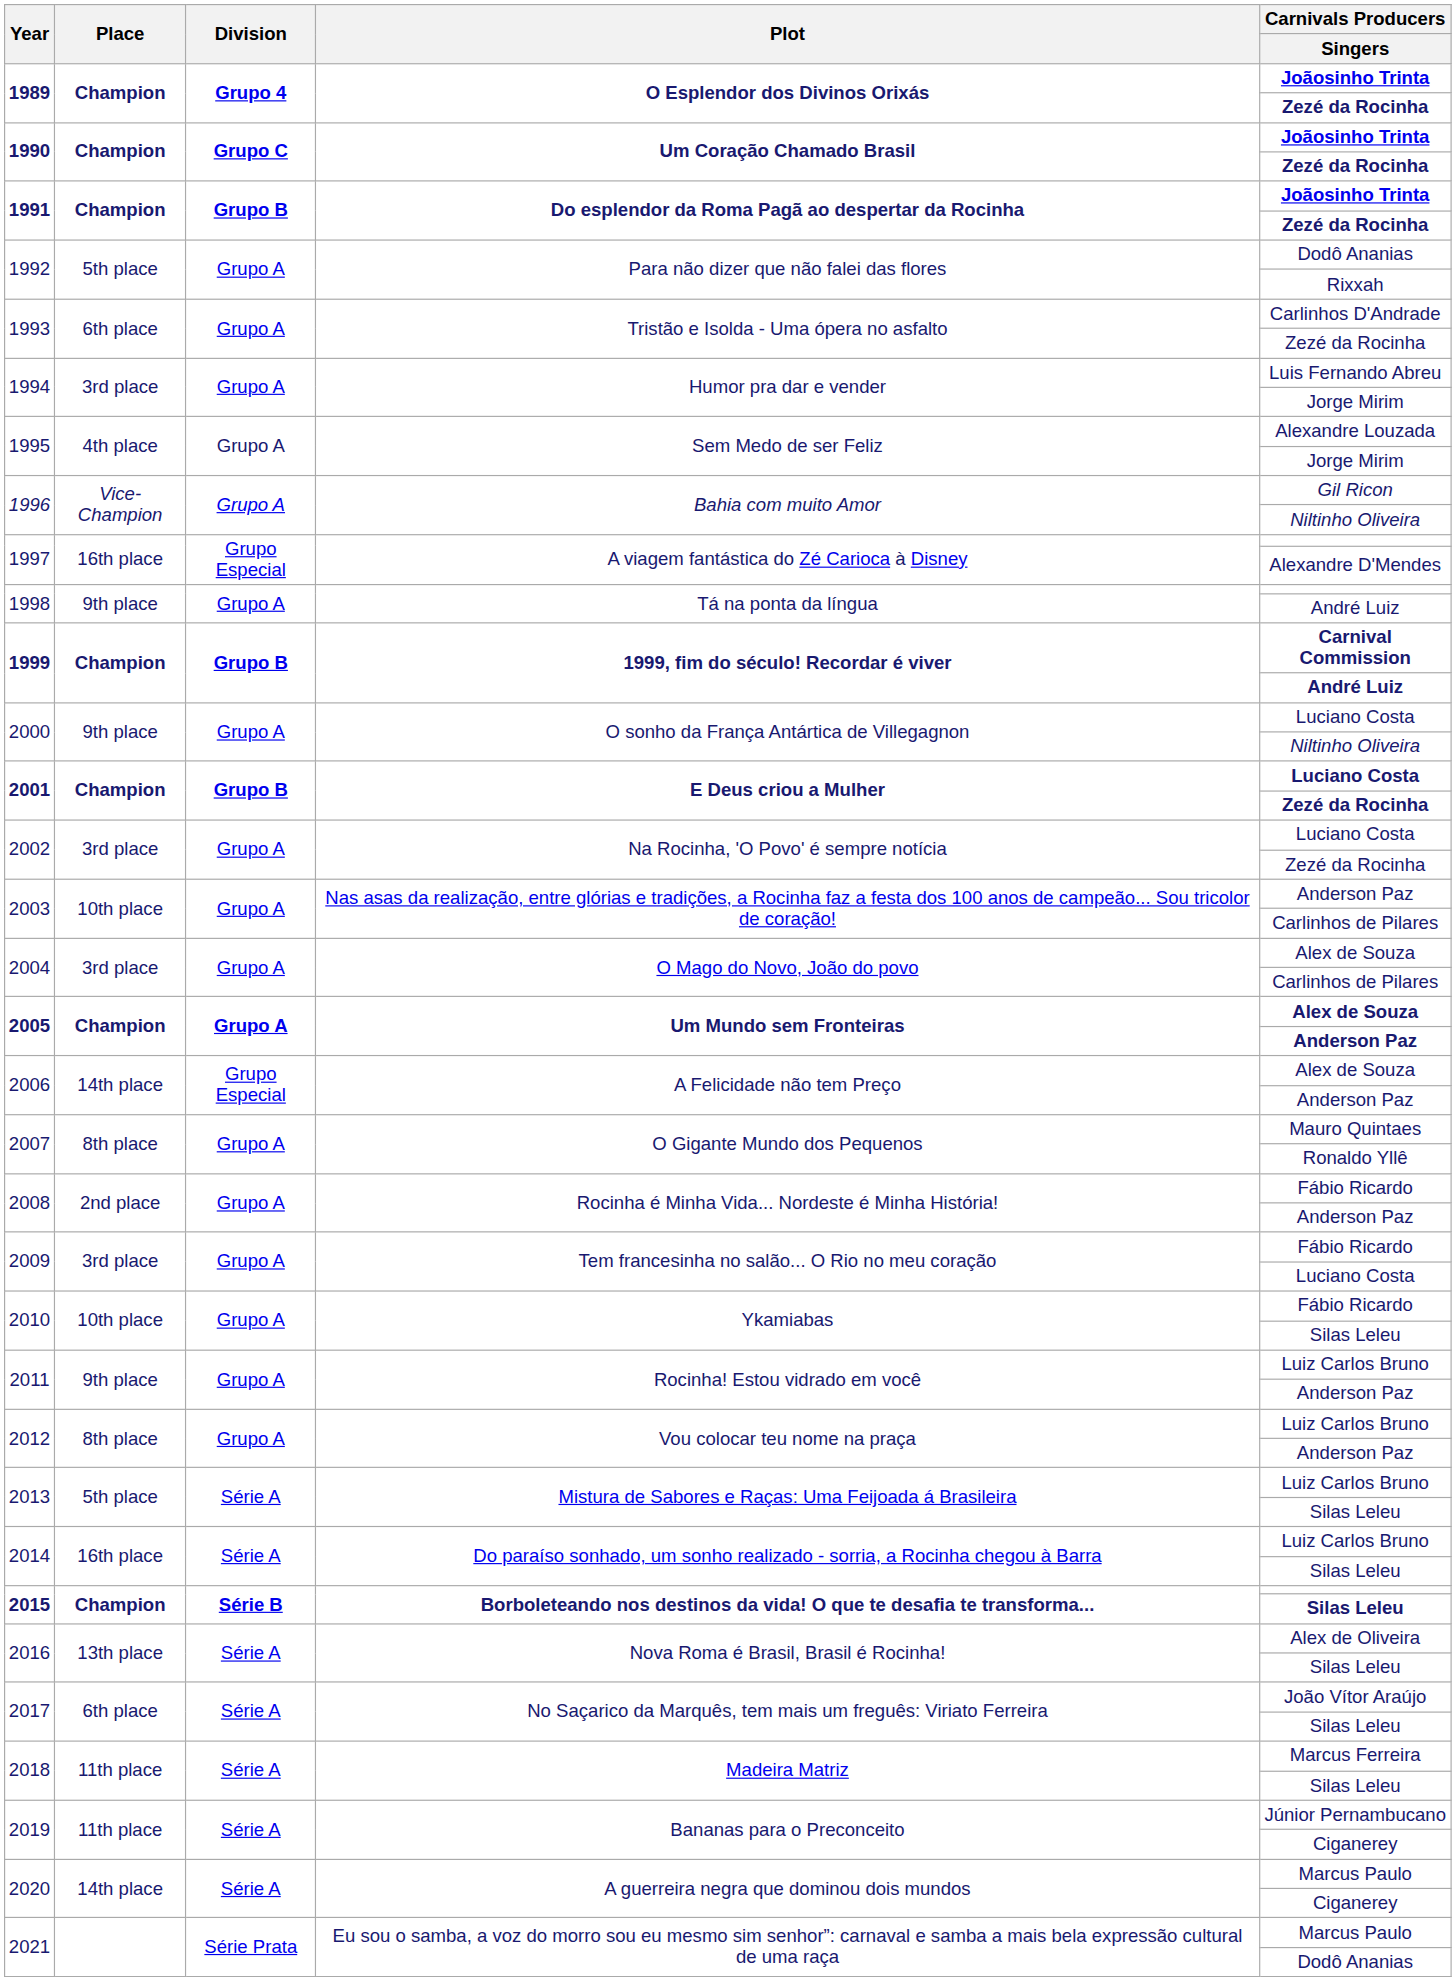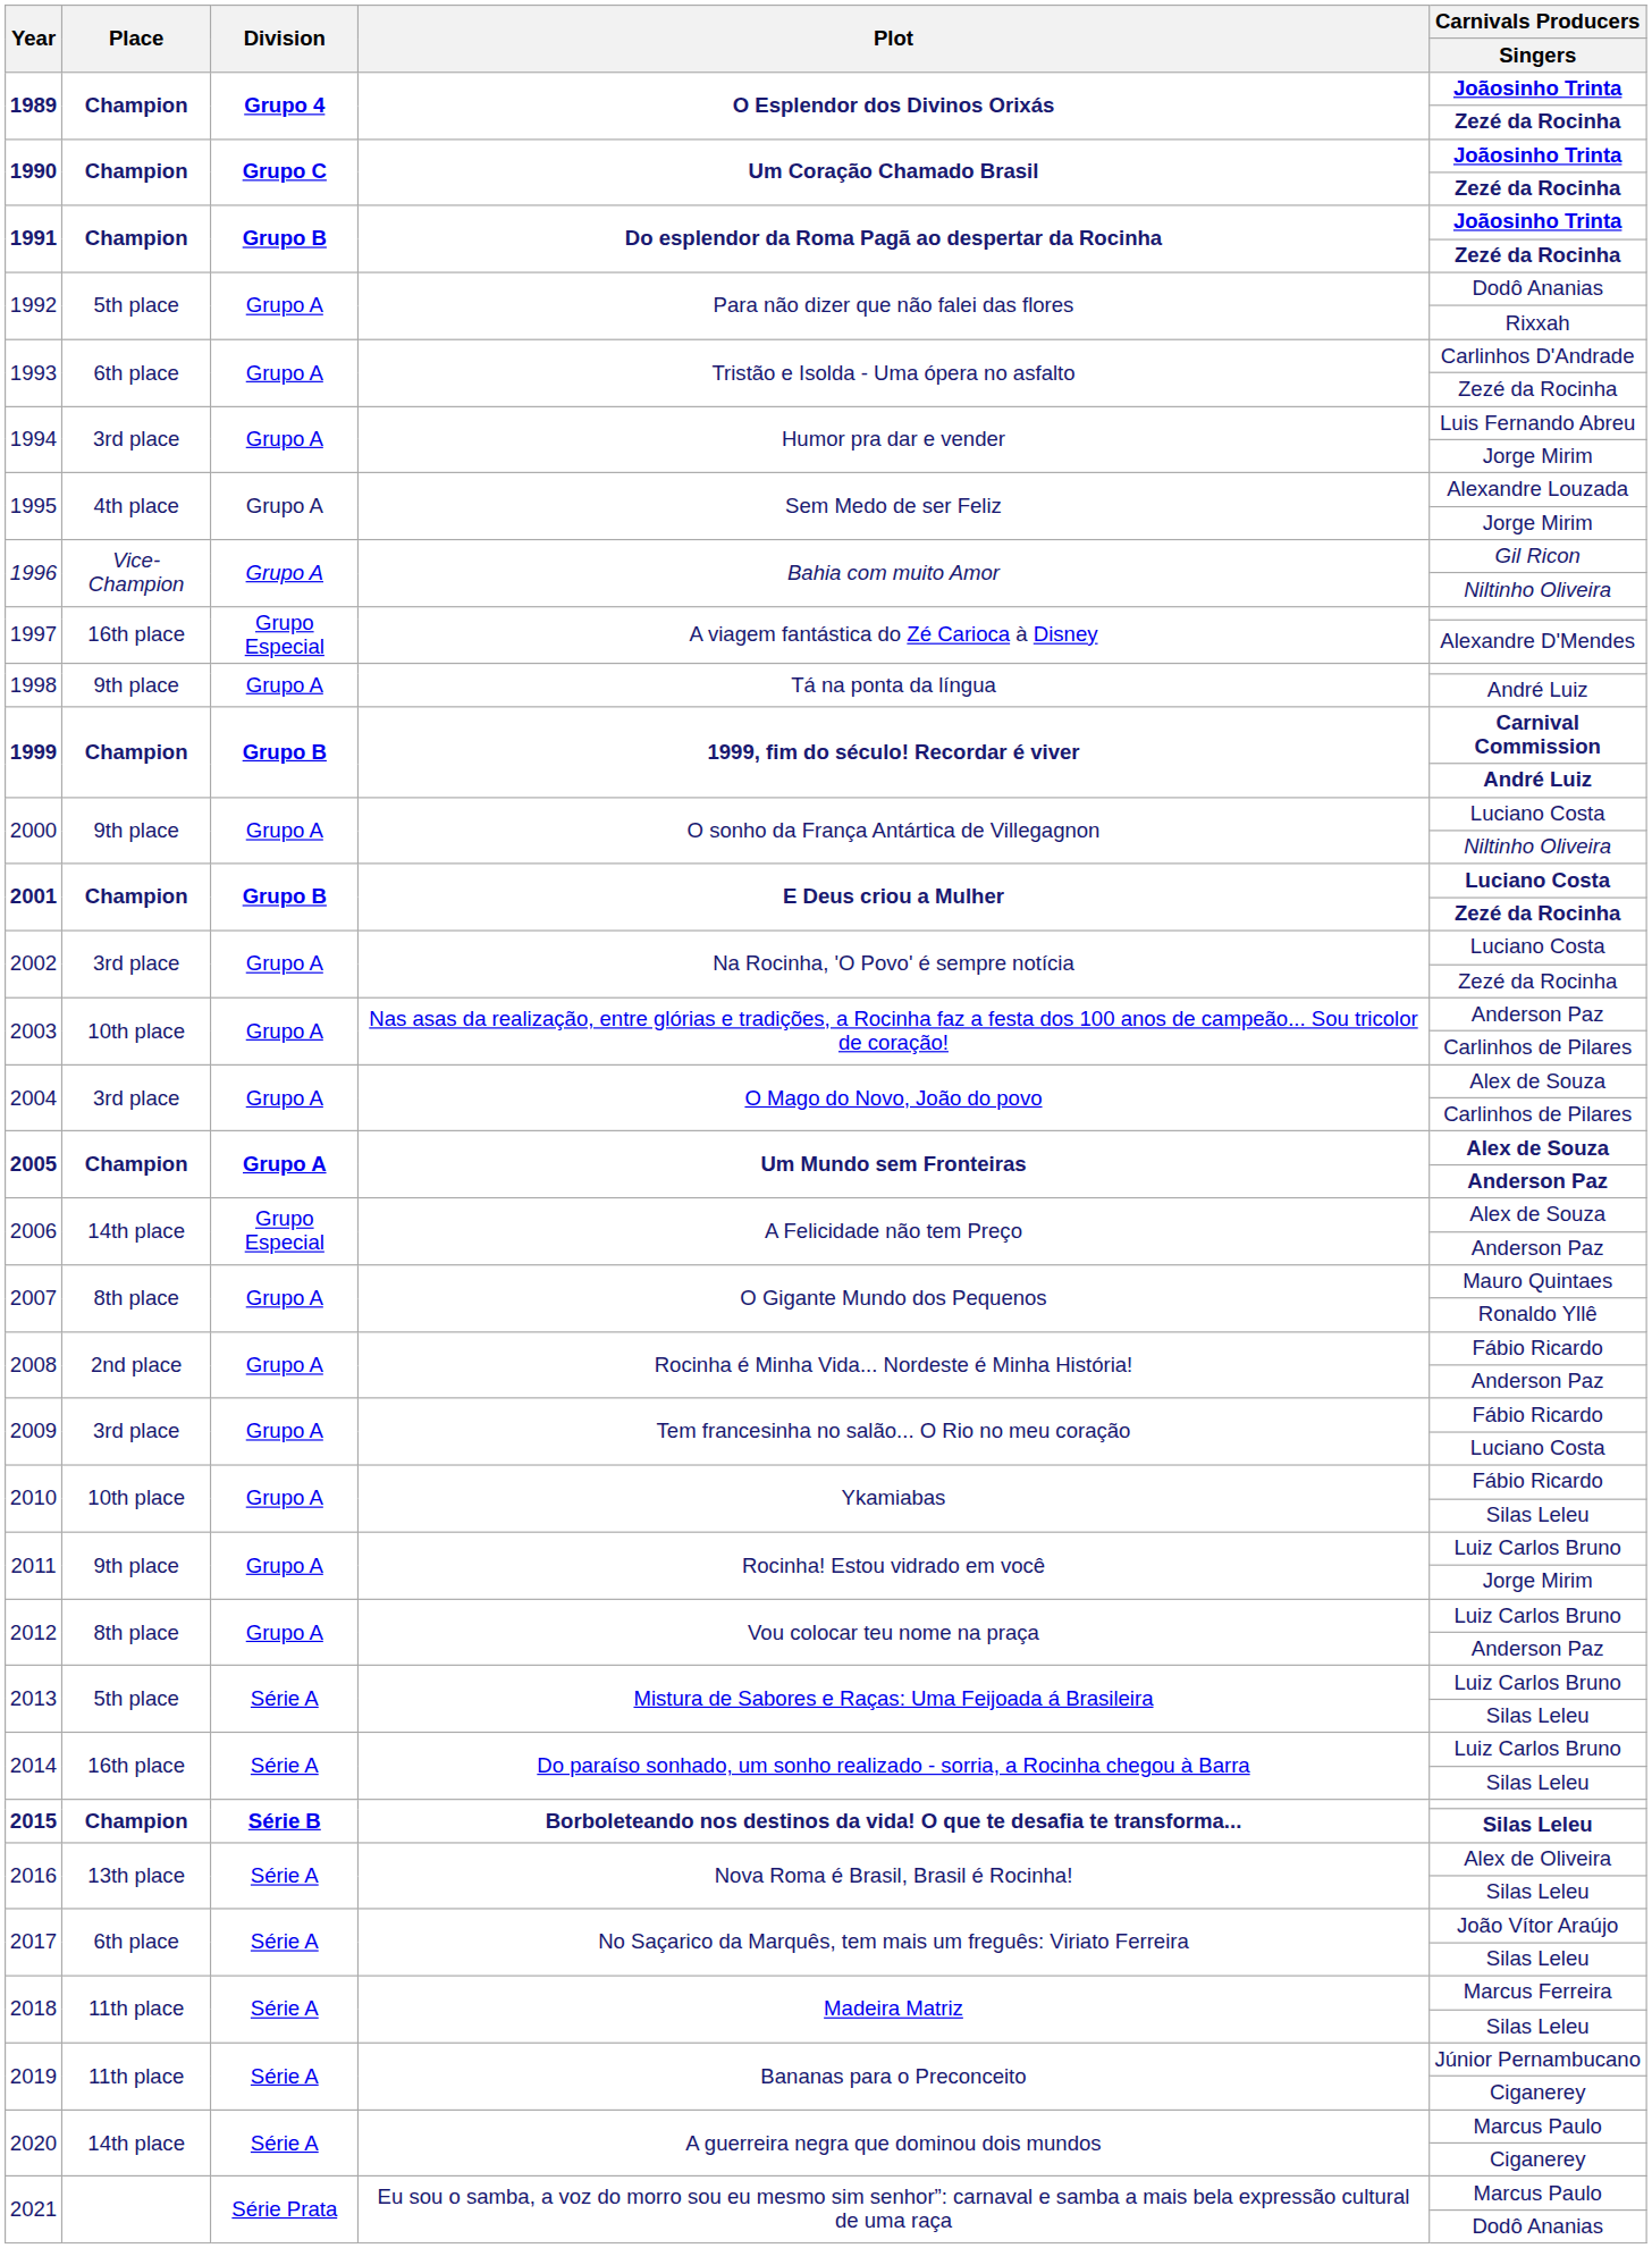 <table class="wikitable sortable" style="text-align:center">
 <tr align="center">
 <th rowspan="2">Year</th>
 <th rowspan="2">Place</th>
 <th rowspan="2">Division</th>
 <th rowspan="2">Plot</th>
 <th>Carnivals Producers</th>
 </tr>
 <tr align="center">
 <th>Singers</th>
 </tr>
 <tr style="background-color:white; color:midnightblue; text:align=center">
 <td rowspan="2"><strong>1989</strong></td>
 <td rowspan="2"><strong>Champion</strong></td>
 <td rowspan="2"><strong><a href='#'>Grupo 4</a></strong></td>
 <td rowspan="2"><strong>O Esplendor dos Divinos Orixás</strong></td>
 <td><strong><a href='#'>Joãosinho Trinta</a></strong></td>
 </tr>
 <tr style="background-color:white; color:midnightblue; text:align=center">
 <td><strong>Zezé da Rocinha</strong></td>
 </tr>
 <tr style="background-color:white; color:midnightblue; text:align=center">
 <td rowspan="2"><strong>1990</strong></td>
 <td rowspan="2"><strong>Champion</strong></td>
 <td rowspan="2"><strong><a href='#'>Grupo C</a></strong></td>
 <td rowspan="2"><strong>Um Coração Chamado Brasil</strong></td>
 <td><strong><a href='#'>Joãosinho Trinta</a></strong></td>
 </tr>
 <tr style="background-color:white; color:midnightblue; text:align=center">
 <td><strong>Zezé da Rocinha</strong></td>
 </tr>
 <tr style="background-color:white; color:midnightblue; text:align=center">
 <td rowspan="2"><strong>1991</strong></td>
 <td rowspan="2"><strong>Champion</strong></td>
 <td rowspan="2"><strong><a href='#'>Grupo B</a></strong></td>
 <td rowspan="2"><strong>Do esplendor da Roma Pagã ao despertar da Rocinha</strong></td>
 <td><strong><a href='#'>Joãosinho Trinta</a></strong></td>
 </tr>
 <tr style="background-color:white; color:midnightblue; text:align=center">
 <td><strong>Zezé da Rocinha</strong></td>
 </tr>
 <tr style="background-color:white; color:midnightblue; text:align=center">
 <td rowspan="2">1992</td>
 <td rowspan="2">5th place</td>
 <td rowspan="2"><a href='#'>Grupo A</a></td>
 <td rowspan="2">Para não dizer que não falei das flores</td>
 <td>Dodô Ananias</td>
 </tr>
 <tr style="background-color:white; color:midnightblue; text:align=center">
 <td>Rixxah</td>
 </tr>
 <tr style="background-color:white; color:midnightblue; text:align=center">
 <td rowspan="2">1993</td>
 <td rowspan="2">6th place</td>
 <td rowspan="2"><a href='#'>Grupo A</a></td>
 <td rowspan="2">Tristão e Isolda - Uma ópera no asfalto</td>
 <td>Carlinhos D'Andrade</td>
 </tr>
 <tr style="background-color:white; color:midnightblue; text:align=center">
 <td>Zezé da Rocinha</td>
 </tr>
 <tr style="background-color:white; color:midnightblue; text:align=center">
 <td rowspan="2">1994</td>
 <td rowspan="2">3rd place</td>
 <td rowspan="2"><a href='#'>Grupo A</a></td>
 <td rowspan="2">Humor pra dar e vender</td>
 <td>Luis Fernando Abreu</td>
 </tr>
 <tr style="background-color:white; color:midnightblue; text:align=center">
 <td>Jorge Mirim</td>
 </tr>
 <tr style="background-color:white; color:midnightblue; text:align=center">
 <td rowspan="2">1995</td>
 <td rowspan="2">4th place</td>
 <td rowspan="2"><span>Grupo A</span></td>
 <td rowspan="2">Sem Medo de ser Feliz</td>
 <td>Alexandre Louzada</td>
 </tr>
 <tr style="background-color:white; color:midnightblue; text:align=center">
 <td>Jorge Mirim</td>
 </tr>
 <tr style="background-color:white; color:midnightblue; text:align=center">
 <td rowspan="2"><em>1996</em></td>
 <td rowspan="2"><em>Vice-Champion</em></td>
 <td rowspan="2"><em><a href='#'>Grupo A</a></em></td>
 <td rowspan="2"><em>Bahia com muito Amor</em></td>
 <td><em>Gil Ricon</em></td>
 </tr>
 <tr style="background-color:white; color:midnightblue; text:align=center">
 <td><em>Niltinho Oliveira</em></td>
 </tr>
 <tr style="background-color:white; color:midnightblue; text:align=center">
 <td rowspan="2">1997</td>
 <td rowspan="2">16th place</td>
 <td rowspan="2"><a href='#'>Grupo Especial</a></td>
 <td rowspan="2">A viagem fantástica do <a href='#'>Zé Carioca</a> à <a href='#'>Disney</a></td>
 <td></td>
 </tr>
 <tr style="background-color:white; color:midnightblue; text:align=center">
 <td>Alexandre D'Mendes</td>
 </tr>
 <tr style="background-color:white; color:midnightblue; text:align=center">
 <td rowspan="2">1998</td>
 <td rowspan="2">9th place</td>
 <td rowspan="2"><a href='#'>Grupo A</a></td>
 <td rowspan="2">Tá na ponta da língua</td>
 <td></td>
 </tr>
 <tr style="background-color:white; color:midnightblue; text:align=center">
 <td>André Luiz</td>
 </tr>
 <tr style="background-color:white; color:midnightblue; text:align=center">
 <td rowspan="2"><strong>1999</strong></td>
 <td rowspan="2"><strong>Champion</strong></td>
 <td rowspan="2"><strong><a href='#'>Grupo B</a></strong></td>
 <td rowspan="2"><strong>1999, fim do século! Recordar é viver</strong></td>
 <td><strong>Carnival Commission</strong></td>
 </tr>
 <tr style="background-color:white; color:midnightblue; text:align=center">
 <td><strong>André Luiz</strong></td>
 </tr>
 <tr style="background-color:white; color:midnightblue; text:align=center">
 <td rowspan="2">2000</td>
 <td rowspan="2">9th place</td>
 <td rowspan="2"><a href='#'>Grupo A</a></td>
 <td rowspan="2">O sonho da França Antártica de Villegagnon</td>
 <td>Luciano Costa</td>
 </tr>
 <tr style="background-color:white; color:midnightblue; text:align=center">
 <td><em>Niltinho Oliveira</em></td>
 </tr>
 <tr style="background-color:white; color:midnightblue; text:align=center">
 <td rowspan="2"><strong>2001</strong></td>
 <td rowspan="2"><strong>Champion</strong></td>
 <td rowspan="2"><strong><a href='#'>Grupo B</a></strong></td>
 <td rowspan="2"><strong>E Deus criou a Mulher</strong></td>
 <td><strong>Luciano Costa</strong></td>
 </tr>
 <tr style="background-color:white; color:midnightblue; text:align=center">
 <td><strong>Zezé da Rocinha</strong></td>
 </tr>
 <tr style="background-color:white; color:midnightblue; text:align=center">
 <td rowspan="2">2002</td>
 <td rowspan="2">3rd place</td>
 <td rowspan="2"><a href='#'>Grupo A</a></td>
 <td rowspan="2">Na Rocinha, 'O Povo' é sempre notícia</td>
 <td>Luciano Costa</td>
 </tr>
 <tr style="background-color:white; color:midnightblue; text:align=center">
 <td>Zezé da Rocinha</td>
 </tr>
 <tr style="background-color:white; color:midnightblue; text:align=center">
 <td rowspan="2">2003</td>
 <td rowspan="2">10th place</td>
 <td rowspan="2"><a href='#'>Grupo A</a></td>
 <td rowspan="2"><a href='#'>Nas asas da realização, entre glórias e tradições, a Rocinha faz a festa dos 100 anos de campeão... Sou tricolor de coração!</a></td>
 <td>Anderson Paz</td>
 </tr>
 <tr style="background-color:white; color:midnightblue; text:align=center">
 <td>Carlinhos de Pilares</td>
 </tr>
 <tr style="background-color:white; color:midnightblue; text:align=center">
 <td rowspan="2">2004</td>
 <td rowspan="2">3rd place</td>
 <td rowspan="2"><a href='#'>Grupo A</a></td>
 <td rowspan="2"><a href='#'>O Mago do Novo, João do povo</a></td>
 <td>Alex de Souza</td>
 </tr>
 <tr style="background-color:white; color:midnightblue; text:align=center">
 <td>Carlinhos de Pilares</td>
 </tr>
 <tr style="background-color:white; color:midnightblue; text:align=center">
 <td rowspan="2"><strong>2005</strong></td>
 <td rowspan="2"><strong>Champion</strong></td>
 <td rowspan="2"><strong><a href='#'>Grupo A</a></strong></td>
 <td rowspan="2"><strong>Um Mundo sem Fronteiras</strong></td>
 <td><strong>Alex de Souza</strong></td>
 </tr>
 <tr style="background-color:white; color:midnightblue; text:align=center">
 <td><strong>Anderson Paz</strong></td>
 </tr>
 <tr style="background-color:white; color:midnightblue; text:align=center">
 <td rowspan="2">2006</td>
 <td rowspan="2">14th place</td>
 <td rowspan="2"><a href='#'>Grupo Especial</a></td>
 <td rowspan="2">A Felicidade não tem Preço</td>
 <td>Alex de Souza</td>
 </tr>
 <tr style="background-color:white; color:midnightblue; text:align=center">
 <td>Anderson Paz</td>
 </tr>
 <tr style="background-color:white; color:midnightblue; text:align=center">
 <td rowspan="2">2007</td>
 <td rowspan="2">8th place</td>
 <td rowspan="2"><a href='#'>Grupo A</a></td>
 <td rowspan="2">O Gigante Mundo dos Pequenos</td>
 <td>Mauro Quintaes</td>
 </tr>
 <tr style="background-color:white; color:midnightblue; text:align=center">
 <td>Ronaldo Yllê</td>
 </tr>
 <tr style="background-color:white; color:midnightblue; text:align=center">
 <td rowspan="2">2008</td>
 <td rowspan="2">2nd place</td>
 <td rowspan="2"><a href='#'>Grupo A</a></td>
 <td rowspan="2">Rocinha é Minha Vida... Nordeste é Minha História!</td>
 <td>Fábio Ricardo</td>
 </tr>
 <tr style="background-color:white; color:midnightblue; text:align=center">
 <td>Anderson Paz</td>
 </tr>
 <tr style="background-color:white; color:midnightblue; text:align=center">
 <td rowspan="2">2009</td>
 <td rowspan="2">3rd place</td>
 <td rowspan="2"><a href='#'>Grupo A</a></td>
 <td rowspan="2">Tem francesinha no salão... O Rio no meu coração</td>
 <td>Fábio Ricardo</td>
 </tr>
 <tr style="background-color:white; color:midnightblue; text:align=center">
 <td>Luciano Costa</td>
 </tr>
 <tr style="background-color:white; color:midnightblue; text:align=center">
 <td rowspan="2">2010</td>
 <td rowspan="2">10th place</td>
 <td rowspan="2"><a href='#'>Grupo A</a></td>
 <td rowspan="2">Ykamiabas</td>
 <td>Fábio Ricardo</td>
 </tr>
 <tr style="background-color:white; color:midnightblue; text:align=center">
 <td>Silas Leleu</td>
 </tr>
 <tr style="background-color:white; color:midnightblue; text:align=center">
 <td rowspan="2">2011</td>
 <td rowspan="2">9th place</td>
 <td rowspan="2"><a href='#'>Grupo A</a></td>
 <td rowspan="2">Rocinha! Estou vidrado em você</td>
 <td>Luiz Carlos Bruno</td>
 </tr>
 <tr style="background-color:white; color:midnightblue; text:align=center">
-<td>Anderson Paz</td>
+<td>Jorge Mirim</td>
 </tr>
 <tr style="background-color:white; color:midnightblue; text:align=center">
 <td rowspan="2">2012</td>
 <td rowspan="2">8th place</td>
 <td rowspan="2"><a href='#'>Grupo A</a></td>
 <td rowspan="2">Vou colocar teu nome na praça</td>
 <td>Luiz Carlos Bruno</td>
 </tr>
 <tr style="background-color:white; color:midnightblue; text:align=center">
 <td>Anderson Paz</td>
 </tr>
 <tr style="background-color:white; color:midnightblue; text:align=center">
 <td rowspan="2">2013</td>
 <td rowspan="2">5th place</td>
 <td rowspan="2"><a href='#'>Série A</a></td>
 <td rowspan="2"><a href='#'>Mistura de Sabores e Raças: Uma Feijoada á Brasileira</a></td>
 <td>Luiz Carlos Bruno</td>
 </tr>
 <tr style="background-color:white; color:midnightblue; text:align=center">
 <td>Silas Leleu</td>
 </tr>
 <tr style="background-color:white; color:midnightblue; text:align=center">
 <td rowspan="2">2014</td>
 <td rowspan="2">16th place</td>
 <td rowspan="2"><a href='#'>Série A</a></td>
 <td rowspan="2"><a href='#'>Do paraíso sonhado, um sonho realizado - sorria, a Rocinha chegou à Barra</a></td>
 <td>Luiz Carlos Bruno</td>
 </tr>
 <tr style="background-color:white; color:midnightblue; text:align=center">
 <td>Silas Leleu</td>
 </tr>
 <tr style="background-color:white; color:midnightblue; text:align=center">
 <td rowspan="2"><strong>2015</strong></td>
 <td rowspan="2"><strong>Champion</strong></td>
 <td rowspan="2"><strong><a href='#'>Série B</a></strong></td>
 <td rowspan="2"><strong>Borboleteando nos destinos da vida! O que te desafia te transforma...</strong></td>
 <td><strong></strong></td>
 </tr>
 <tr style="background-color:white; color:midnightblue; text:align=center">
 <td><strong>Silas Leleu</strong></td>
 </tr>
 <tr style="background-color:white; color:midnightblue; text:align=center">
 <td rowspan="2">2016</td>
 <td rowspan="2">13th place</td>
 <td rowspan="2"><a href='#'>Série A</a></td>
 <td rowspan="2">Nova Roma é Brasil, Brasil é Rocinha!</td>
 <td>Alex de Oliveira</td>
 </tr>
 <tr style="background-color:white; color:midnightblue; text:align=center">
 <td>Silas Leleu</td>
 </tr>
 <tr style="background-color:white; color:midnightblue; text:align=center">
 <td rowspan="2">2017</td>
 <td rowspan="2">6th place</td>
 <td rowspan="2"><a href='#'>Série A</a></td>
 <td rowspan="2">No Saçarico da Marquês, tem mais um freguês: Viriato Ferreira</td>
 <td>João Vítor Araújo</td>
 </tr>
 <tr style="background-color:white; color:midnightblue; text:align=center">
 <td>Silas Leleu</td>
 </tr>
 <tr style="background-color:white; color:midnightblue; text:align=center">
 <td rowspan="2">2018</td>
 <td rowspan="2">11th place</td>
 <td rowspan="2"><a href='#'>Série A</a></td>
 <td rowspan="2"><a href='#'>Madeira Matriz</a></td>
 <td>Marcus Ferreira</td>
 </tr>
 <tr style="background-color:white; color:midnightblue; text:align=center">
 <td>Silas Leleu</td>
 </tr>
 <tr style="background-color:white; color:midnightblue; text:align=center">
 <td rowspan="2">2019</td>
 <td rowspan="2">11th place</td>
 <td rowspan="2"><a href='#'>Série A</a></td>
 <td rowspan="2">Bananas para o Preconceito</td>
 <td>Júnior Pernambucano</td>
 </tr>
 <tr style="background-color:white; color:midnightblue; text:align=center">
 <td>Ciganerey</td>
 </tr>
 <tr style="background-color:white; color:midnightblue; text:align=center">
 <td rowspan="2">2020</td>
 <td rowspan="2">14th place</td>
 <td rowspan="2"><a href='#'>Série A</a></td>
 <td rowspan="2">A guerreira negra que dominou dois mundos</td>
 <td>Marcus Paulo</td>
 </tr>
 <tr style="background-color:white; color:midnightblue; text:align=center">
 <td>Ciganerey</td>
 </tr>
 <tr style="background-color:white; color:midnightblue; text:align=center">
 <td rowspan="2">2021</td>
 <td rowspan="2"></td>
 <td rowspan="2"><a href='#'>Série Prata</a></td>
 <td rowspan="2">Eu sou o samba, a voz do morro sou eu mesmo sim senhor”: carnaval e samba a mais bela expressão cultural de uma raça</td>
 <td>Marcus Paulo</td>
 </tr>
 <tr style="background-color:white; color:midnightblue; text:align=center">
 <td>Dodô Ananias</td>
 </tr>
 </table>
